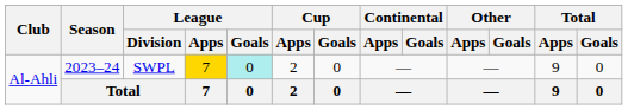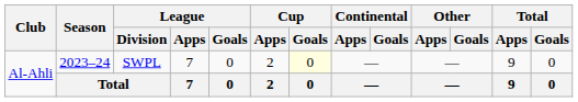 <table class="wikitable" style="text-align: center;">
 <tr>
 <th rowspan="2">Club</th>
 <th rowspan="2">Season</th>
 <th colspan="3">League</th>
 <th colspan="2">Cup</th>
 <th colspan="2">Continental</th>
 <th colspan="2">Other</th>
 <th colspan="2">Total</th>
 </tr>
 <tr>
 <th>Division</th>
 <th>Apps</th>
 <th>Goals</th>
 <th>Apps</th>
 <th>Goals</th>
 <th>Apps</th>
 <th>Goals</th>
 <th>Apps</th>
 <th>Goals</th>
 <th>Apps</th>
 <th>Goals</th>
 </tr>
 <tr>
 <td rowspan="2"><a href='#'>Al-Ahli</a></td>
 <td><a href='#'>2023–24</a></td>
 <td><a href='#'>SWPL</a></td>
-<td style="background: gold;">7</td>
-<td style="background: paleturquoise;">0</td>
+<td>7</td>
+<td>0</td>
 <td>2</td>
-<td>0</td>
+<td style="background: lightyellow;">0</td>
 <td colspan="2">—</td>
 <td colspan="2">—</td>
 <td>9</td>
 <td>0</td>
 </tr>
 <tr>
 <th colspan="2">Total</th>
 <th>7</th>
 <th>0</th>
 <th>2</th>
 <th>0</th>
 <th colspan="2">—</th>
 <th colspan="2">—</th>
 <th>9</th>
 <th>0</th>
 </tr>
 </table>
